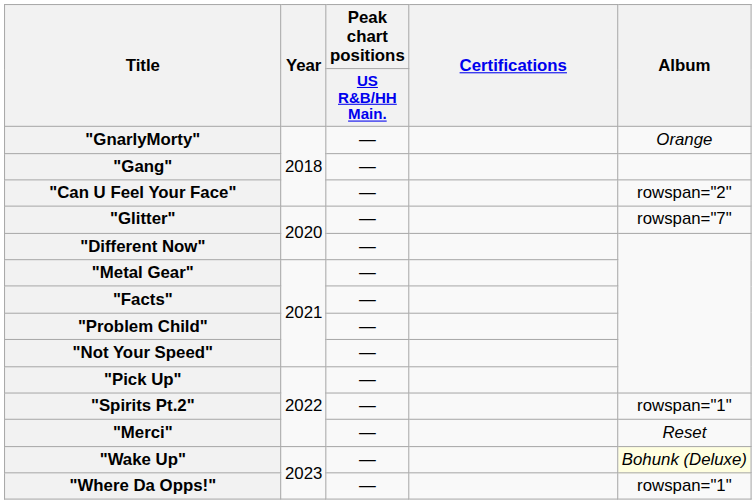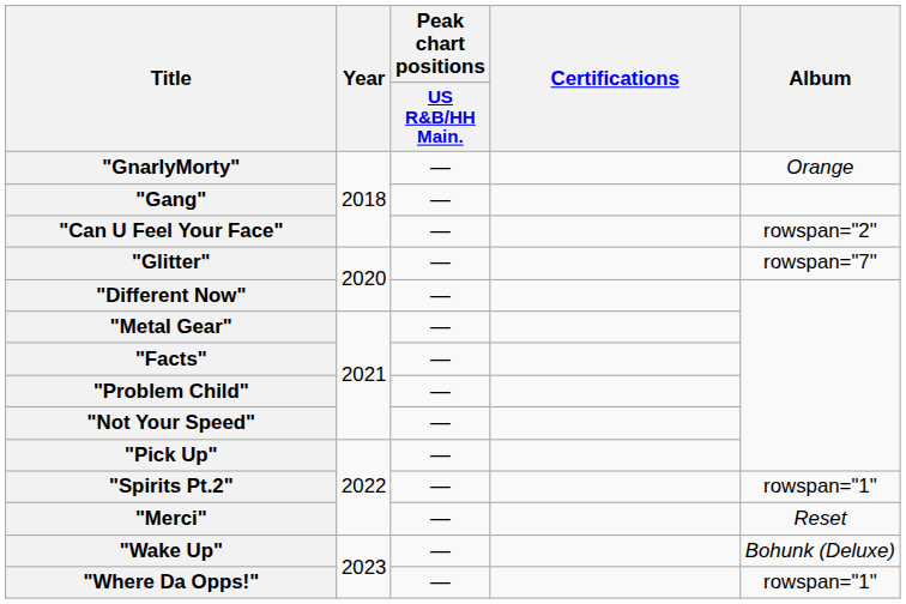 <table class="wikitable plainrowheaders" style="text-align:center;">
 <tr>
 <th scope="col" rowspan="2" style="width:16em;">Title</th>
 <th scope="col" rowspan="2">Year</th>
 <th colspan="1">Peak chart positions</th>
 <th scope="col" rowspan="2" style="width:12em;"><a href='#'>Certifications</a></th>
 <th scope="col" rowspan="2">Album</th>
 </tr>
 <tr>
 <th scope="col" style="width:3em;font-size:90%;"><a href='#'>US<br>R&B/HH<br>Main.</a><br></th>
 </tr>
 <tr>
 <th Scope="row">"GnarlyMorty"<br></th>
 <td rowspan="3">2018</td>
 <td>—</td>
 <td></td>
 <td><em>Orange</em></td>
 </tr>
 <tr>
 <th scope="row">"Gang"<br></th>
 <td>—</td>
 <td></td>
 </tr>
 <tr>
 <th scope="row">"Can U Feel Your Face"<br></th>
 <td>—</td>
 <td></td>
 <td>rowspan="2" </td>
 </tr>
 <tr>
 <th scope="row">"Glitter"<br></th>
 <td rowspan="2">2020</td>
 <td>—</td>
 <td></td>
 <td>rowspan="7" </td>
 </tr>
 <tr>
 <th scope="row">"Different Now"<br></th>
 <td>—</td>
 <td></td>
 </tr>
 <tr>
 <th scope="row">"Metal Gear"<br></th>
 <td rowspan="4">2021</td>
 <td>—</td>
 <td></td>
 </tr>
 <tr>
 <th scope="row">"Facts"<br></th>
 <td>—</td>
 <td></td>
 </tr>
 <tr>
 <th scope="row">"Problem Child"<br></th>
 <td>—</td>
 <td></td>
 </tr>
 <tr>
 <th scope="row">"Not Your Speed"<br></th>
 <td>—</td>
 <td></td>
 </tr>
 <tr>
 <th scope="row">"Pick Up"<br></th>
 <td rowspan="3">2022</td>
 <td>—</td>
 <td></td>
 </tr>
 <tr>
 <th scope="row">"Spirits Pt.2"<br></th>
 <td>—</td>
 <td></td>
 <td>rowspan="1" </td>
 </tr>
 <tr>
 <th scope="row">"Merci"<br></th>
 <td>—</td>
 <td></td>
 <td><em>Reset</em></td>
 </tr>
 <tr>
 <th scope="row">"Wake Up"<br></th>
 <td rowspan="2">2023</td>
 <td>—</td>
 <td></td>
-<td style="background: lightyellow;"><em>Bohunk (Deluxe)</em></td>
+<td><em>Bohunk (Deluxe)</em></td>
 </tr>
 <tr>
 <th scope="row">"Where Da Opps!"<br></th>
 <td>—</td>
 <td></td>
 <td>rowspan="1" </td>
 </tr>
 </table>
